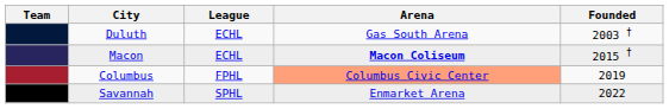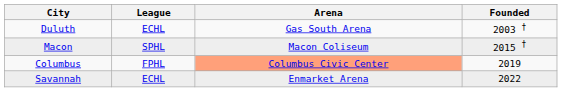 <table class="wikitable sortable" width="60%">
 <tr>
-<th>Team</th>
 <th>City</th>
 <th>League</th>
 <th>Arena</th>
 <th>Founded</th>
 </tr>
 <tr align=center>
-<td style="color:white; background:#02183d; "><strong><a href='#'></a></strong></td>
 <td><a href='#'>Duluth</a></td>
 <td><a href='#'>ECHL</a></td>
 <td><a href='#'>Gas South Arena</a></td>
 <td>2003 <sup>†</sup></td>
 </tr>
 <tr align=center bgcolor=eeeeee>
-<td style="color:white; background:#28255E; "><strong><a href='#'></a></strong></td>
 <td><a href='#'>Macon</a></td>
-<td><a href='#'>ECHL</a></td>
-<td><strong><a href='#'>Macon Coliseum</a></strong></td>
+<td><a href='#'>SPHL</a></td>
+<td><a href='#'>Macon Coliseum</a></td>
 <td>2015 <sup>†</sup></td>
 </tr>
 <tr align=center>
-<td style="color:white; background:#A61E2F; "><strong><a href='#'></a></strong></td>
 <td><a href='#'>Columbus</a></td>
 <td><a href='#'>FPHL</a></td>
 <td style="background: lightsalmon;"><a href='#'>Columbus Civic Center</a></td>
 <td>2019</td>
 </tr>
 <tr align=center bgcolor=eeeeee>
-<td style="color:white; background:#000000; "><strong><a href='#'></a></strong></td>
 <td><a href='#'>Savannah</a></td>
-<td><a href='#'>SPHL</a></td>
+<td><a href='#'>ECHL</a></td>
 <td><a href='#'>Enmarket Arena</a></td>
 <td>2022</td>
 </tr>
 </table>
